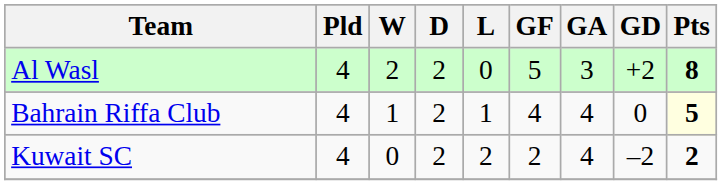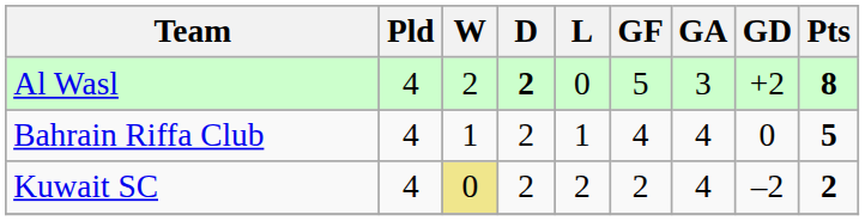 <table class="wikitable" style="text-align: center;">
 <tr>
 <th width="175">Team</th>
 <th width="20">Pld</th>
 <th width="20">W</th>
 <th width="20">D</th>
 <th width="20">L</th>
 <th width="20">GF</th>
 <th width="20">GA</th>
 <th width="20">GD</th>
 <th width="20">Pts</th>
 </tr>
 <tr bgcolor=#ccffcc>
 <td align=left> <a href='#'>Al Wasl</a></td>
 <td>4</td>
 <td>2</td>
-<td>2</td>
+<td><strong>2</strong></td>
 <td>0</td>
 <td>5</td>
 <td>3</td>
 <td>+2</td>
 <td><strong>8</strong></td>
 </tr>
 <tr>
 <td align=left> <a href='#'>Bahrain Riffa Club</a></td>
 <td>4</td>
 <td>1</td>
 <td>2</td>
 <td>1</td>
 <td>4</td>
 <td>4</td>
 <td>0</td>
-<td style="background: lightyellow;"><strong>5</strong></td>
+<td><strong>5</strong></td>
 </tr>
 <tr>
 <td align=left> <a href='#'>Kuwait SC</a></td>
 <td>4</td>
-<td>0</td>
+<td style="background: khaki;">0</td>
 <td>2</td>
 <td>2</td>
 <td>2</td>
 <td>4</td>
 <td>–2</td>
 <td><strong>2</strong></td>
 </tr>
 <tr>
 </tr>
 </table>
